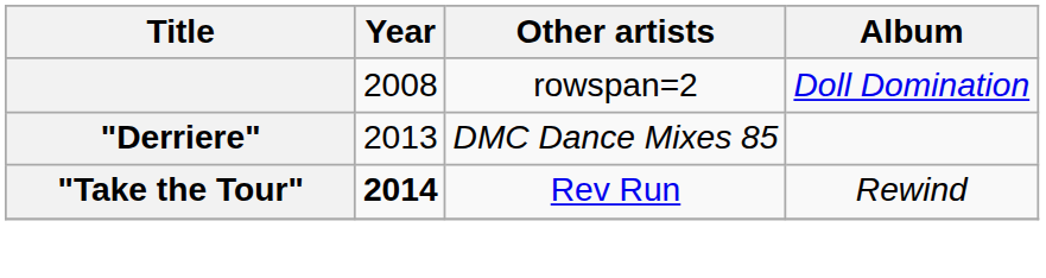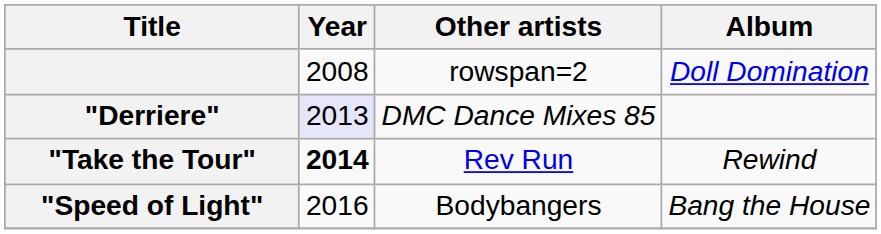 <table class="wikitable plainrowheaders" style="text-align:center;">
 <tr>
 <th scope="col" style="width: 10em;">Title</th>
 <th scope="col">Year</th>
 <th scope="col">Other artists</th>
 <th scope="col">Album</th>
 </tr>
 <tr>
 <th scope="row"></th>
 <td>2008</td>
 <td>rowspan=2 </td>
 <td><em><a href='#'>Doll Domination</a></em></td>
 </tr>
 <tr>
 <th scope="row">"Derriere"</th>
-<td>2013</td>
+<td style="background: lavender;">2013</td>
 <td><em>DMC Dance Mixes 85</em></td>
 </tr>
 <tr>
 <th scope="row">"Take the Tour"</th>
 <td><strong>2014</strong></td>
 <td><a href='#'>Rev Run</a></td>
 <td><em>Rewind</em></td>
 </tr>
 <tr>
+<th scope="row">"Speed of Light"</th>
+<td>2016</td>
+<td>Bodybangers</td>
+<td><em>Bang the House</em></td>
+</tr>
+<tr>
 </tr>
 </table>
